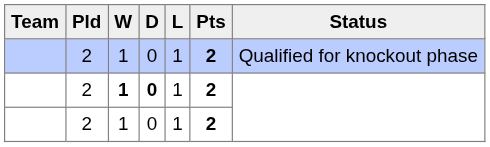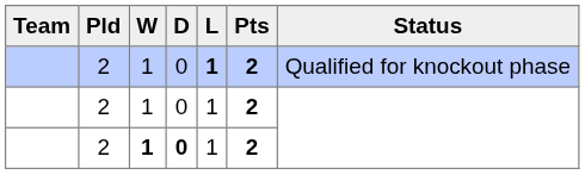 <table style=border-collapse:collapse border=1 cellspacing=0 cellpadding=5>
 <tr align=center bgcolor=#efefef>
 <th>Team</th>
 <th>Pld</th>
 <th>W</th>
 <th>D</th>
 <th>L</th>
 <th>Pts</th>
 <th>Status</th>
 </tr>
 <tr align=center style="background:#bbccff;">
 <td style="text-align:left;"> </td>
 <td>2</td>
 <td>1</td>
 <td>0</td>
+<td><strong>1</strong></td>
+<td><strong>2</strong></td>
+<td rowspan=1>Qualified for knockout phase</td>
+</tr>
+<tr align=center style="background:#FFFFFF;">
+<td style="text-align:left;"> </td>
+<td>2</td>
+<td>1</td>
+<td>0</td>
 <td>1</td>
 <td><strong>2</strong></td>
-<td rowspan=1>Qualified for knockout phase</td>
+<td rowspan=2></td>
 </tr>
 <tr align=center style="background:#FFFFFF;">
 <td style="text-align:left;"> </td>
 <td>2</td>
 <td><strong>1</strong></td>
 <td><strong>0</strong></td>
 <td>1</td>
 <td><strong>2</strong></td>
-<td rowspan=2></td>
-</tr>
-<tr align=center style="background:#FFFFFF;">
-<td style="text-align:left;"> </td>
-<td>2</td>
-<td>1</td>
-<td>0</td>
-<td>1</td>
-<td><strong>2</strong></td>
 </tr>
 </table>
